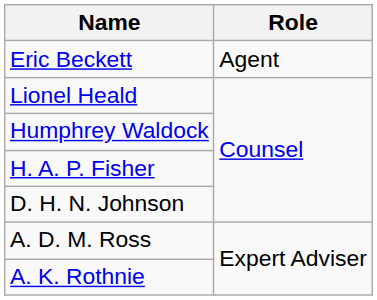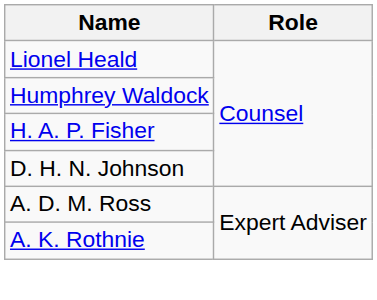 <table class="wikitable">
 <tr>
 <th>Name</th>
 <th>Role</th>
-</tr>
-<tr>
-<td> <a href='#'>Eric Beckett</a></td>
-<td>Agent</td>
 </tr>
 <tr>
 <td> <a href='#'>Lionel Heald</a></td>
 <td rowspan=4><a href='#'>Counsel</a></td>
 </tr>
 <tr>
 <td> <a href='#'>Humphrey Waldock</a></td>
 </tr>
 <tr>
 <td> <a href='#'>H. A. P. Fisher</a></td>
 </tr>
 <tr>
 <td> D. H. N. Johnson</td>
 </tr>
 <tr>
 <td> A. D. M. Ross</td>
 <td rowspan=2>Expert Adviser</td>
 </tr>
 <tr>
 <td> <a href='#'>A. K. Rothnie</a></td>
 </tr>
 </table>
